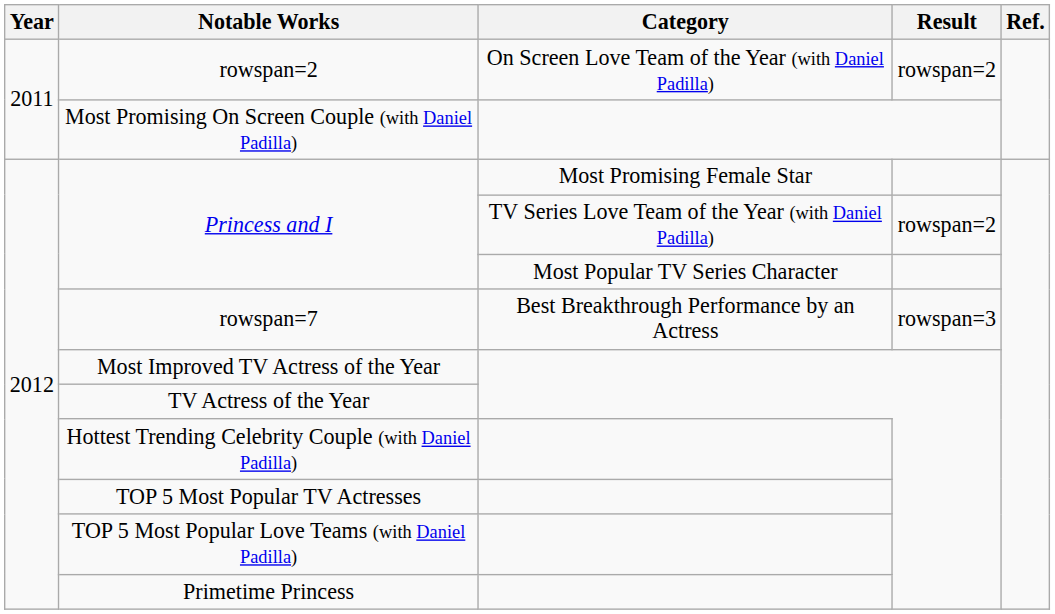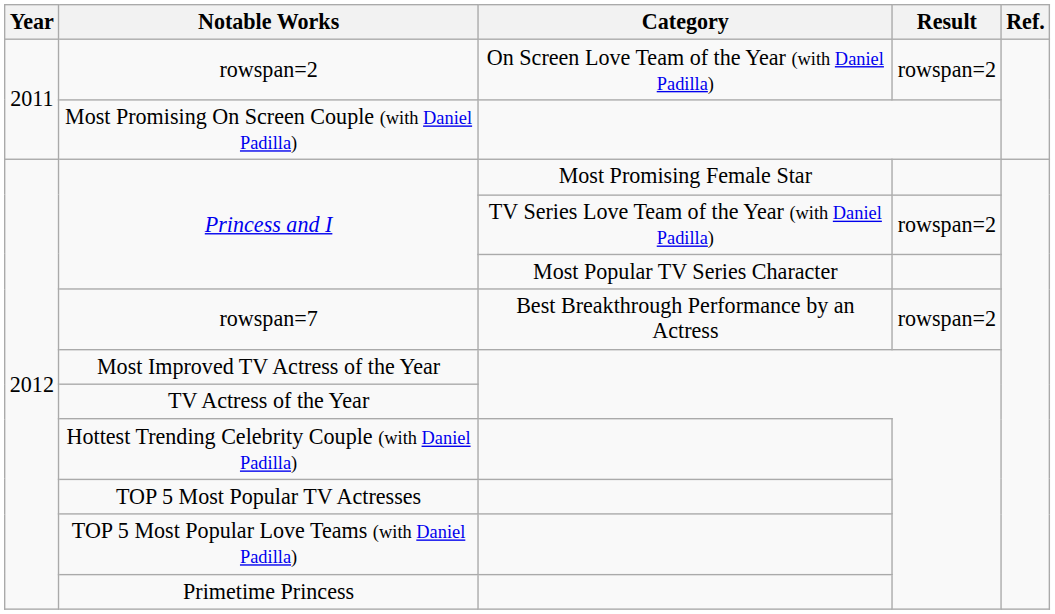 <table class="wikitable sortable"  style="text-align:center; width:60%;">
 <tr>
 <th>Year</th>
 <th>Notable Works</th>
 <th>Category</th>
 <th>Result</th>
 <th>Ref.</th>
 </tr>
 <tr>
 <td rowspan=2>2011</td>
 <td>rowspan=2 </td>
 <td>On Screen Love Team of the Year <small>(with <a href='#'>Daniel Padilla</a>)</small></td>
 <td>rowspan=2 </td>
 <td rowspan=2></td>
 </tr>
 <tr>
 <td>Most Promising On Screen Couple <small>(with <a href='#'>Daniel Padilla</a>)</small></td>
 </tr>
 <tr>
 <td rowspan=10>2012</td>
 <td rowspan=3><em><a href='#'>Princess and I</a></em></td>
 <td>Most Promising Female Star</td>
 <td></td>
 <td rowspan=10></td>
 </tr>
 <tr>
 <td>TV Series Love Team of the Year <small>(with <a href='#'>Daniel Padilla</a>)</small></td>
 <td>rowspan=2 </td>
 </tr>
 <tr>
 <td>Most Popular TV Series Character</td>
 </tr>
 <tr>
 <td>rowspan=7 </td>
 <td>Best Breakthrough Performance by an Actress</td>
-<td>rowspan=3 </td>
+<td>rowspan=2 </td>
 </tr>
 <tr>
 <td>Most Improved TV Actress of the Year</td>
 </tr>
 <tr>
 <td>TV Actress of the Year</td>
 </tr>
 <tr>
 <td>Hottest Trending Celebrity Couple <small>(with <a href='#'>Daniel Padilla</a>)</small></td>
 <td></td>
 </tr>
 <tr>
 <td>TOP 5 Most Popular TV Actresses</td>
 <td></td>
 </tr>
 <tr>
 <td>TOP 5 Most Popular Love Teams <small>(with <a href='#'>Daniel Padilla</a>)</small></td>
 <td></td>
 </tr>
 <tr>
 <td>Primetime Princess</td>
 <td></td>
 </tr>
 </table>
